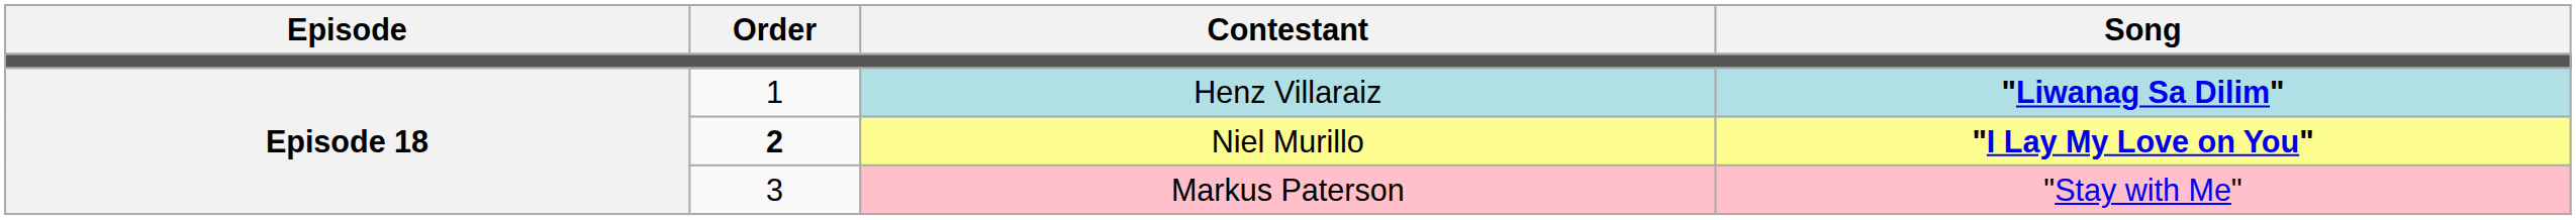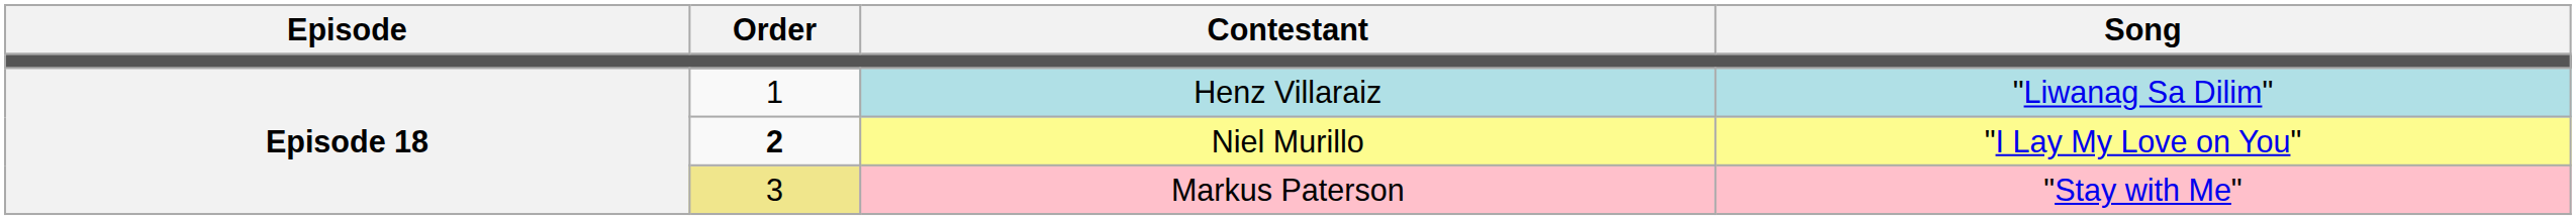 <table class="wikitable" style="text-align:center; line-height:17px; width:100%; font-size: 95%;">
 <tr>
 <th style="width:20%;">Episode</th>
 <th style="width:05%;">Order</th>
 <th style="width:25%;">Contestant</th>
 <th style="width:25%;">Song</th>
 </tr>
 <tr>
 <td colspan="4" style="background:#555;"></td>
 </tr>
 <tr>
 <th rowspan="3">Episode 18<br><small></small></th>
 <td>1</td>
 <td style="background:#b0e0e6;">Henz Villaraiz</td>
-<td style="background:#b0e0e6;"><strong>"<a href='#'>Liwanag Sa Dilim</a>"</strong></td>
+<td style="background:#b0e0e6;">"<a href='#'>Liwanag Sa Dilim</a>"</td>
 </tr>
 <tr>
 <td><strong>2</strong></td>
 <td style="background:#fdfc8f;">Niel Murillo</td>
-<td style="background:#fdfc8f;"><strong>"<a href='#'>I Lay My Love on You</a>"</strong></td>
+<td style="background:#fdfc8f;">"<a href='#'>I Lay My Love on You</a>"</td>
 </tr>
 <tr>
-<td>3</td>
+<td style="background: khaki;">3</td>
 <td style="background:pink;">Markus Paterson</td>
 <td style="background:pink;">"<a href='#'>Stay with Me</a>"</td>
 </tr>
 </table>
